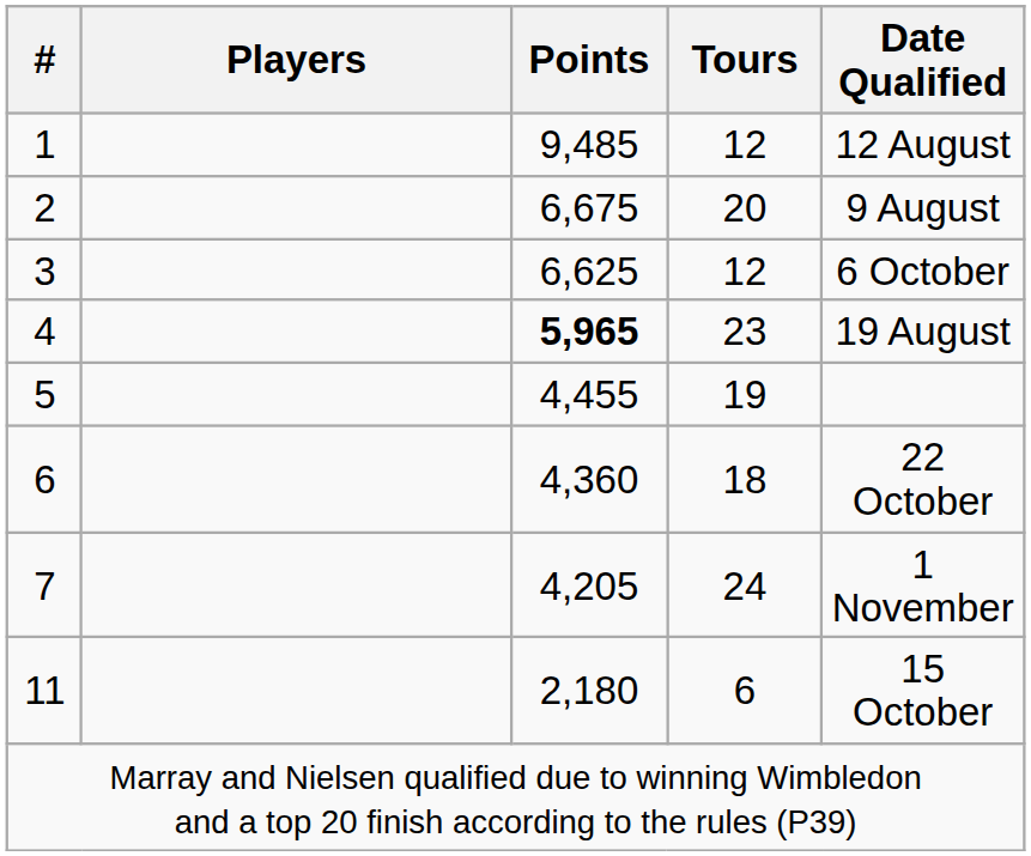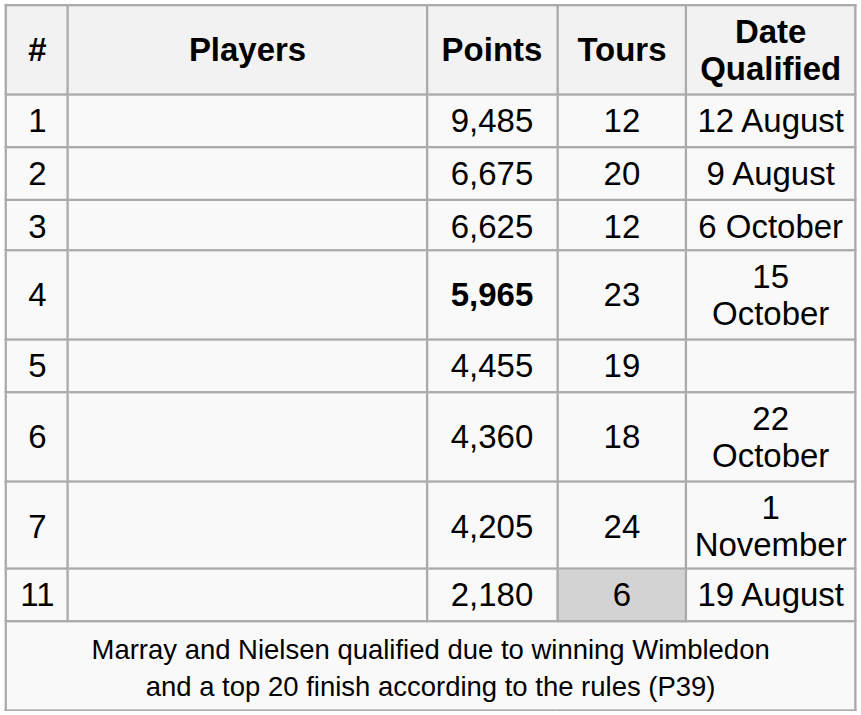 <table class="sortable wikitable" style="float:right;margin-left:1em;text-align:center;font-size:90%;text:justify;">
 <tr>
 <th width=20>#</th>
 <th width=150>Players</th>
 <th width=50>Points</th>
 <th width=50>Tours</th>
 <th width=60>Date Qualified</th>
 </tr>
 <tr align=center>
 <td>1</td>
 <td align=left><br></td>
 <td>9,485</td>
 <td>12</td>
 <td>12 August</td>
 </tr>
 <tr align=center>
 <td>2</td>
 <td align=left><br></td>
 <td>6,675</td>
 <td>20</td>
 <td>9 August</td>
 </tr>
 <tr align=center>
 <td>3</td>
 <td align=left><br></td>
 <td>6,625</td>
 <td>12</td>
 <td>6 October</td>
 </tr>
 <tr align=center>
 <td>4</td>
 <td align=left><br></td>
 <td><strong>5,965</strong></td>
 <td>23</td>
-<td>19 August</td>
+<td>15 October</td>
 </tr>
 <tr align=center>
 <td>5</td>
 <td align=left><br></td>
 <td>4,455</td>
 <td>19</td>
 <td></td>
 </tr>
 <tr align=center>
 <td>6</td>
 <td align=left><br></td>
 <td>4,360</td>
 <td>18</td>
 <td>22 October</td>
 </tr>
 <tr align=center>
 <td>7</td>
 <td align=left><br></td>
 <td>4,205</td>
 <td>24</td>
 <td>1 November</td>
 </tr>
 <tr align=center>
 <td>11</td>
 <td align=left><br></td>
 <td>2,180</td>
-<td>6</td>
-<td>15 October</td>
+<td style="background: lightgrey;">6</td>
+<td>19 August</td>
 </tr>
 <tr>
 <td colspan=5 style="text-align:center;"><small>Marray and Nielsen qualified due to winning Wimbledon<br>and a top 20 finish according to the rules (P39)</small></td>
 </tr>
 </table>
